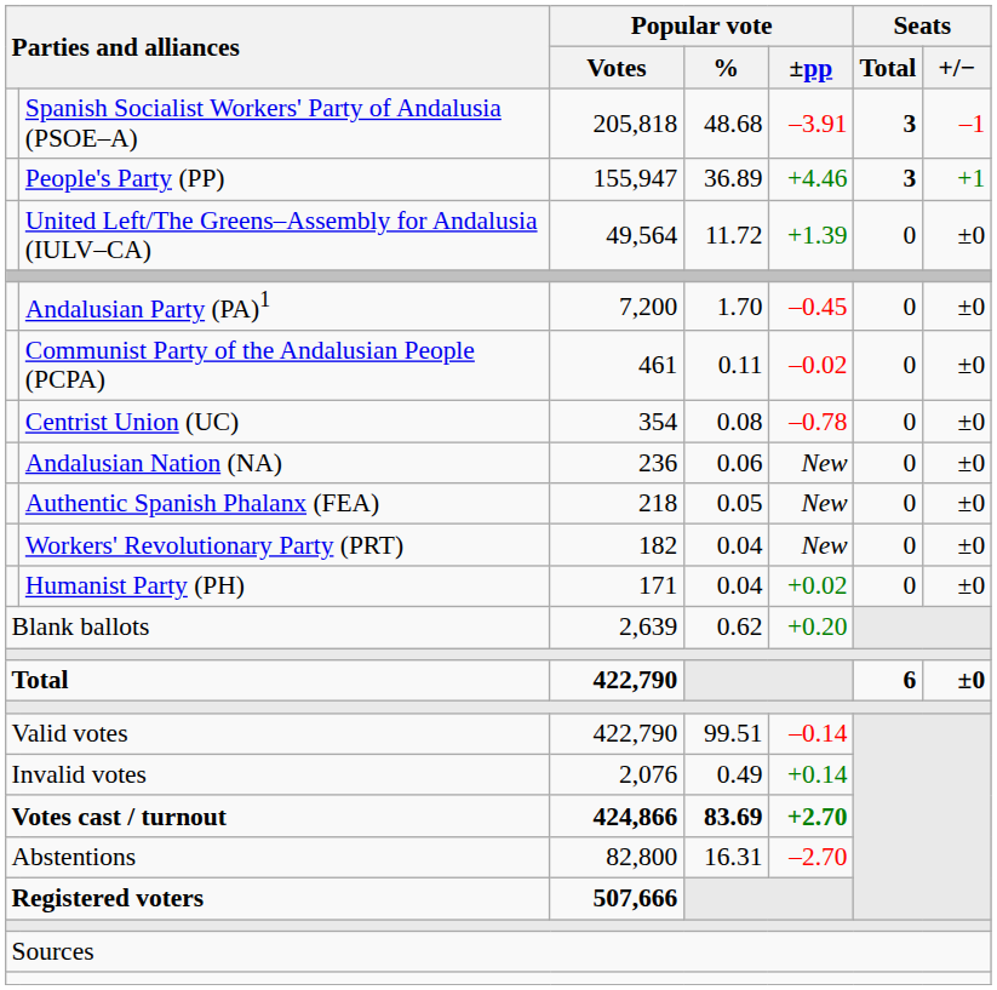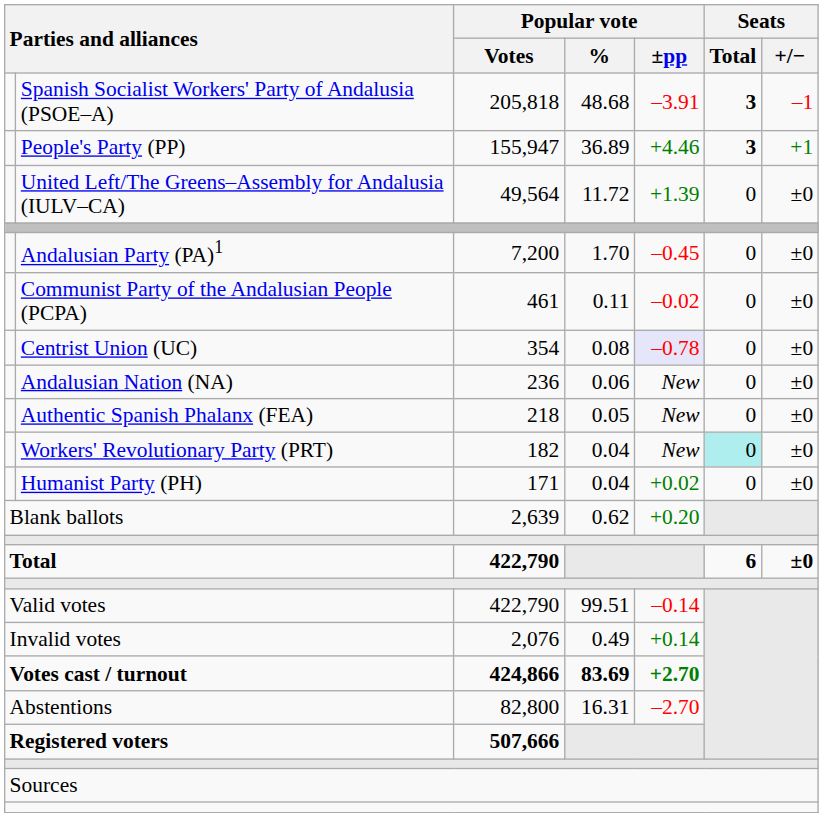 <table class="wikitable" style="text-align:right;">
 <tr>
 <th style="text-align:left;" rowspan="2" colspan="2" width="525">Parties and alliances</th>
 <th colspan="3">Popular vote</th>
 <th colspan="2">Seats</th>
 </tr>
 <tr>
 <th width="75">Votes</th>
 <th width="45">%</th>
 <th width="45">±<a href='#'>pp</a></th>
 <th width="35">Total</th>
 <th width="35">+/−</th>
 </tr>
 <tr>
 <td width="1" style="color:inherit;background:"></td>
 <td align="left"><a href='#'>Spanish Socialist Workers' Party of Andalusia</a> (PSOE–A)</td>
 <td>205,818</td>
 <td>48.68</td>
 <td style="color:red;">–3.91</td>
 <td><strong>3</strong></td>
 <td style="color:red;">–1</td>
 </tr>
 <tr>
 <td style="color:inherit;background:"></td>
 <td align="left"><a href='#'>People's Party</a> (PP)</td>
 <td>155,947</td>
 <td>36.89</td>
 <td style="color:green;">+4.46</td>
 <td><strong>3</strong></td>
 <td style="color:green;">+1</td>
 </tr>
 <tr>
 <td style="color:inherit;background:"></td>
 <td align="left"><a href='#'>United Left/The Greens–Assembly for Andalusia</a> (IULV–CA)</td>
 <td>49,564</td>
 <td>11.72</td>
 <td style="color:green;">+1.39</td>
 <td>0</td>
 <td>±0</td>
 </tr>
 <tr>
 <td colspan="7" bgcolor="#C0C0C0"></td>
 </tr>
 <tr>
 <td style="color:inherit;background:"></td>
 <td align="left"><a href='#'>Andalusian Party</a> (PA)<sup>1</sup></td>
 <td>7,200</td>
 <td>1.70</td>
 <td style="color:red;">–0.45</td>
 <td>0</td>
 <td>±0</td>
 </tr>
 <tr>
 <td style="color:inherit;background:"></td>
 <td align="left"><a href='#'>Communist Party of the Andalusian People</a> (PCPA)</td>
 <td>461</td>
 <td>0.11</td>
 <td style="color:red;">–0.02</td>
 <td>0</td>
 <td>±0</td>
 </tr>
 <tr>
 <td style="color:inherit;background:"></td>
 <td align="left"><a href='#'>Centrist Union</a> (UC)</td>
 <td>354</td>
 <td>0.08</td>
-<td style="color:red;">–0.78</td>
+<td style="background: lavender; color:red;">–0.78</td>
 <td>0</td>
 <td>±0</td>
 </tr>
 <tr>
 <td style="color:inherit;background:"></td>
 <td align="left"><a href='#'>Andalusian Nation</a> (NA)</td>
 <td>236</td>
 <td>0.06</td>
 <td><em>New</em></td>
 <td>0</td>
 <td>±0</td>
 </tr>
 <tr>
 <td style="color:inherit;background:"></td>
 <td align="left"><a href='#'>Authentic Spanish Phalanx</a> (FEA)</td>
 <td>218</td>
 <td>0.05</td>
 <td><em>New</em></td>
 <td>0</td>
 <td>±0</td>
 </tr>
 <tr>
 <td style="color:inherit;background:"></td>
 <td align="left"><a href='#'>Workers' Revolutionary Party</a> (PRT)</td>
 <td>182</td>
 <td>0.04</td>
 <td><em>New</em></td>
-<td>0</td>
+<td style="background: paleturquoise;">0</td>
 <td>±0</td>
 </tr>
 <tr>
 <td style="color:inherit;background:"></td>
 <td align="left"><a href='#'>Humanist Party</a> (PH)</td>
 <td>171</td>
 <td>0.04</td>
 <td style="color:green;">+0.02</td>
 <td>0</td>
 <td>±0</td>
 </tr>
 <tr>
 <td align="left" colspan="2">Blank ballots</td>
 <td>2,639</td>
 <td>0.62</td>
 <td style="color:green;">+0.20</td>
 <td bgcolor="#E9E9E9" colspan="2"></td>
 </tr>
 <tr>
 <td colspan="7" bgcolor="#E9E9E9"></td>
 </tr>
 <tr style="font-weight:bold;">
 <td align="left" colspan="2">Total</td>
 <td>422,790</td>
 <td bgcolor="#E9E9E9" colspan="2"></td>
 <td>6</td>
 <td>±0</td>
 </tr>
 <tr>
 <td colspan="7" bgcolor="#E9E9E9"></td>
 </tr>
 <tr>
 <td align="left" colspan="2">Valid votes</td>
 <td>422,790</td>
 <td>99.51</td>
 <td style="color:red;">–0.14</td>
 <td bgcolor="#E9E9E9" colspan="2" rowspan="5"></td>
 </tr>
 <tr>
 <td align="left" colspan="2">Invalid votes</td>
 <td>2,076</td>
 <td>0.49</td>
 <td style="color:green;">+0.14</td>
 </tr>
 <tr style="font-weight:bold;">
 <td align="left" colspan="2">Votes cast / turnout</td>
 <td>424,866</td>
 <td>83.69</td>
 <td style="color:green;">+2.70</td>
 </tr>
 <tr>
 <td align="left" colspan="2">Abstentions</td>
 <td>82,800</td>
 <td>16.31</td>
 <td style="color:red;">–2.70</td>
 </tr>
 <tr style="font-weight:bold;">
 <td align="left" colspan="2">Registered voters</td>
 <td>507,666</td>
 <td bgcolor="#E9E9E9" colspan="2"></td>
 </tr>
 <tr>
 <td colspan="7" bgcolor="#E9E9E9"></td>
 </tr>
 <tr>
 <td align="left" colspan="7">Sources</td>
 </tr>
 <tr>
 <td colspan="7" style="text-align:left; max-width:790px;"></td>
 </tr>
 </table>
